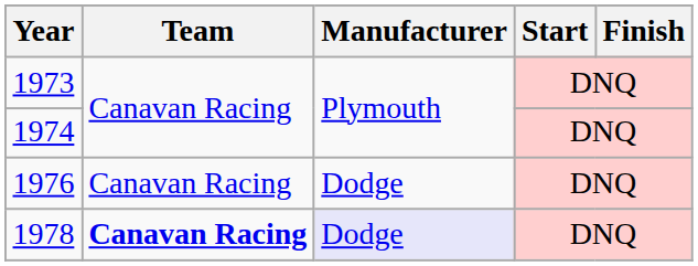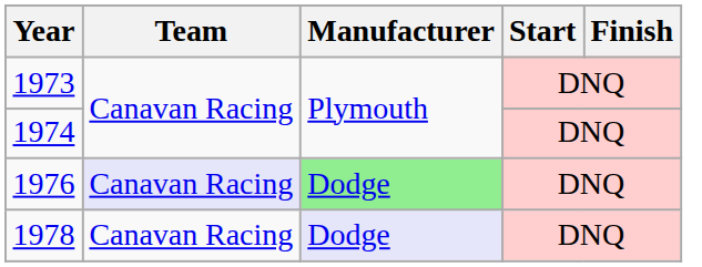 <table class="wikitable" style="font-size: 90%;">
 <tr>
 <th>Year</th>
 <th>Team</th>
 <th>Manufacturer</th>
 <th>Start</th>
 <th>Finish</th>
 </tr>
 <tr>
 <td><a href='#'>1973</a></td>
 <td rowspan=2><a href='#'>Canavan Racing</a></td>
 <td rowspan=2><a href='#'>Plymouth</a></td>
 <td align=center colspan=2 style="background:#FFCFCF;">DNQ</td>
 </tr>
 <tr>
 <td><a href='#'>1974</a></td>
 <td align=center colspan=2 style="background:#FFCFCF;">DNQ</td>
 </tr>
 <tr>
 <td><a href='#'>1976</a></td>
-<td><a href='#'>Canavan Racing</a></td>
-<td><a href='#'>Dodge</a></td>
+<td style="background: lavender;"><a href='#'>Canavan Racing</a></td>
+<td style="background: lightgreen;"><a href='#'>Dodge</a></td>
 <td align=center colspan=2 style="background:#FFCFCF;">DNQ</td>
 </tr>
 <tr>
 <td><a href='#'>1978</a></td>
-<td><strong><a href='#'>Canavan Racing</a></strong></td>
+<td><a href='#'>Canavan Racing</a></td>
 <td style="background: lavender;"><a href='#'>Dodge</a></td>
 <td align=center colspan=2 style="background:#FFCFCF;">DNQ</td>
 </tr>
 </table>
